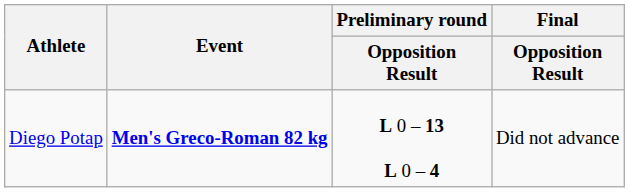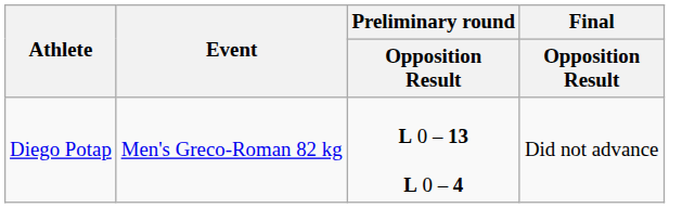 <table class="wikitable" border="1" style="font-size:90%">
 <tr>
 <th rowspan=2>Athlete</th>
 <th rowspan=2>Event</th>
 <th>Preliminary round</th>
 <th>Final</th>
 </tr>
 <tr>
 <th>Opposition<br>Result</th>
 <th>Opposition<br>Result</th>
 </tr>
 <tr>
 <td><a href='#'>Diego Potap</a></td>
-<td><strong><a href='#'>Men's Greco-Roman 82 kg</a></strong></td>
+<td><a href='#'>Men's Greco-Roman 82 kg</a></td>
 <td align=center> <br> <strong>L</strong> 0 – <strong>13</strong><br> <br> <strong>L</strong> 0 – <strong>4</strong></td>
 <td align=center>Did not advance</td>
 </tr>
 </table>
